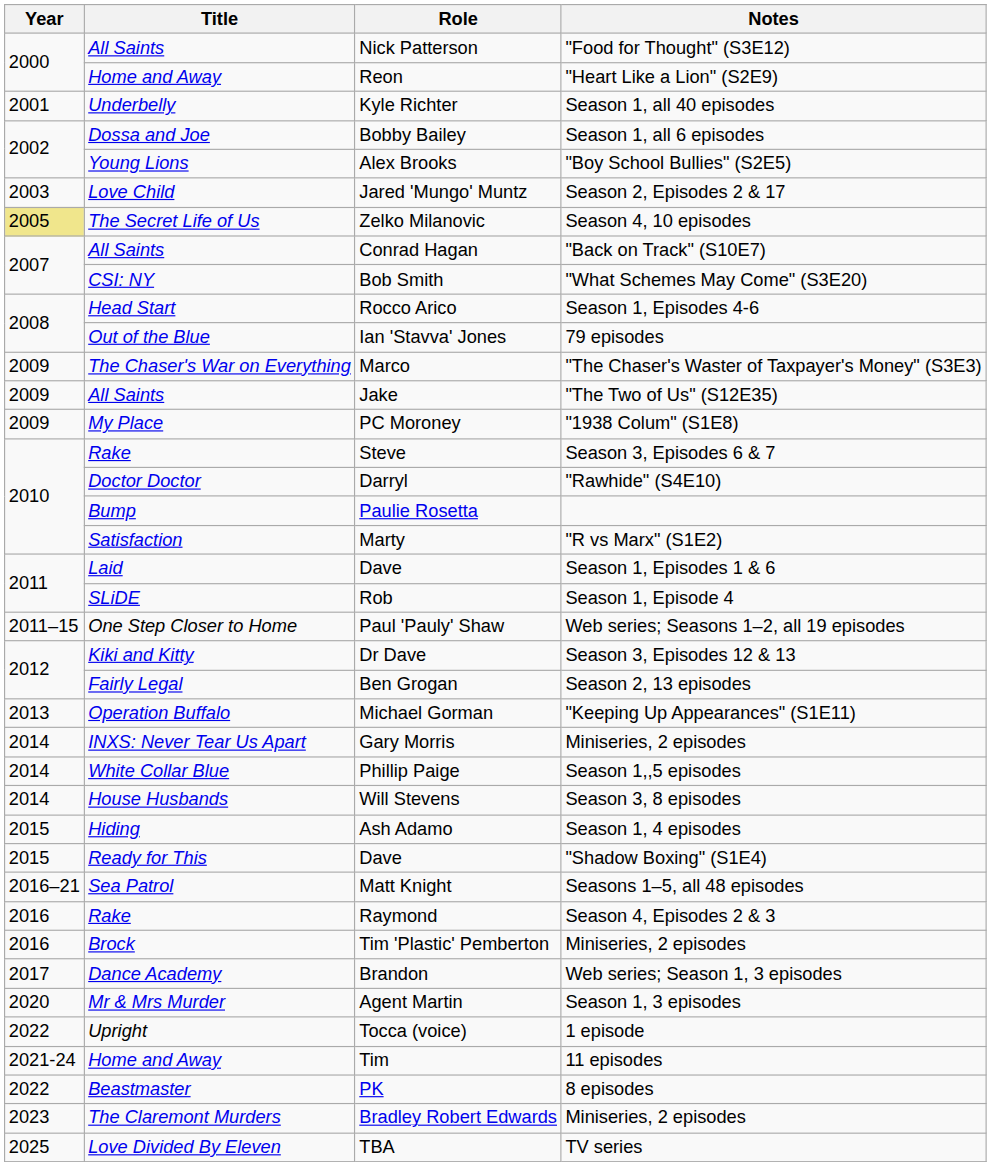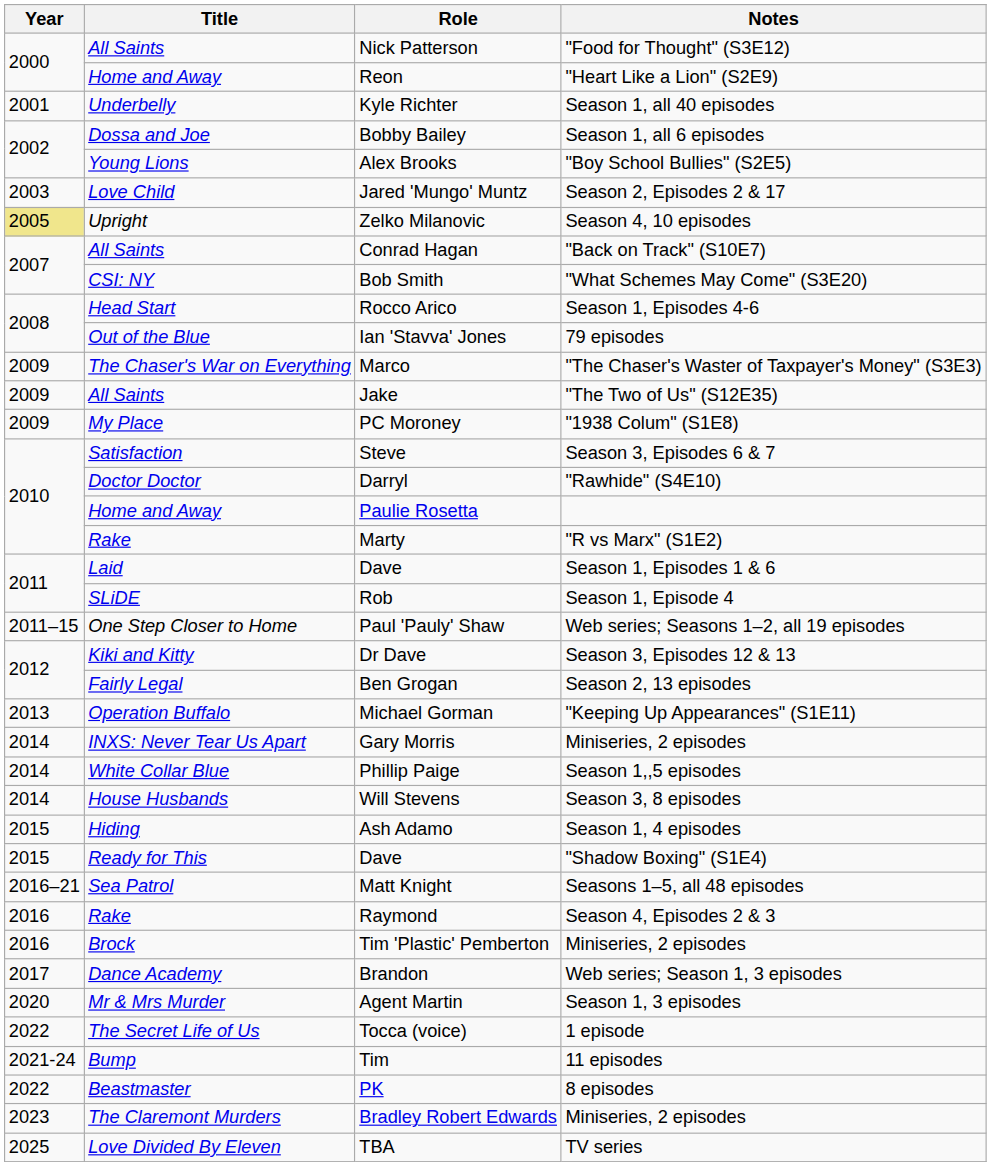 <table class="wikitable plainrowheaders sortable">
 <tr>
 <th scope="col">Year</th>
 <th scope="col">Title</th>
 <th scope="col">Role</th>
 <th class="unsortable">Notes</th>
 </tr>
 <tr>
 <td rowspan="2">2000</td>
 <td><em><a href='#'>All Saints</a></em></td>
 <td>Nick Patterson</td>
 <td>"Food for Thought" (S3E12)</td>
 </tr>
 <tr>
 <td><em><a href='#'>Home and Away</a></em></td>
 <td>Reon</td>
 <td>"Heart Like a Lion" (S2E9)</td>
 </tr>
 <tr>
 <td>2001</td>
 <td><em><a href='#'>Underbelly</a></em></td>
 <td>Kyle Richter</td>
 <td>Season 1, all 40 episodes</td>
 </tr>
 <tr>
 <td rowspan="2">2002</td>
 <td><em><a href='#'>Dossa and Joe</a></em></td>
 <td>Bobby Bailey</td>
 <td>Season 1, all 6 episodes</td>
 </tr>
 <tr>
 <td><em><a href='#'>Young Lions</a></em></td>
 <td>Alex Brooks</td>
 <td>"Boy School Bullies" (S2E5)</td>
 </tr>
 <tr>
 <td>2003</td>
 <td><em><a href='#'>Love Child</a></em></td>
 <td>Jared 'Mungo' Muntz</td>
 <td>Season 2, Episodes 2 & 17</td>
 </tr>
 <tr>
 <td style="background: khaki;">2005</td>
-<td><em><a href='#'>The Secret Life of Us</a></em></td>
+<td><em>Upright</em></td>
 <td>Zelko Milanovic</td>
 <td>Season 4, 10 episodes</td>
 </tr>
 <tr>
 <td rowspan="2">2007</td>
 <td><em><a href='#'>All Saints</a></em></td>
 <td>Conrad Hagan</td>
 <td>"Back on Track" (S10E7)</td>
 </tr>
 <tr>
 <td><em><a href='#'>CSI: NY</a></em></td>
 <td>Bob Smith</td>
 <td>"What Schemes May Come" (S3E20)</td>
 </tr>
 <tr>
 <td rowspan="2">2008</td>
 <td><em><a href='#'>Head Start</a></em></td>
 <td>Rocco Arico</td>
 <td>Season 1, Episodes 4-6</td>
 </tr>
 <tr>
 <td><em><a href='#'>Out of the Blue</a></em></td>
 <td>Ian 'Stavva' Jones</td>
 <td>79 episodes</td>
 </tr>
 <tr>
 <td>2009</td>
 <td><em><a href='#'>The Chaser's War on Everything</a></em></td>
 <td>Marco</td>
 <td>"The Chaser's Waster of Taxpayer's Money" (S3E3)</td>
 </tr>
 <tr>
 <td>2009</td>
 <td><em><a href='#'>All Saints</a></em></td>
 <td>Jake</td>
 <td>"The Two of Us" (S12E35)</td>
 </tr>
 <tr>
 <td>2009</td>
 <td><em><a href='#'>My Place</a></em></td>
 <td>PC Moroney</td>
 <td>"1938 Colum" (S1E8)</td>
 </tr>
 <tr>
 <td rowspan="4">2010</td>
-<td><em><a href='#'>Rake</a></em></td>
+<td><em><a href='#'>Satisfaction</a></em></td>
 <td>Steve</td>
 <td>Season 3, Episodes 6 & 7</td>
 </tr>
 <tr>
 <td><em><a href='#'>Doctor Doctor</a></em></td>
 <td>Darryl</td>
 <td>"Rawhide" (S4E10)</td>
 </tr>
 <tr>
-<td><em><a href='#'>Bump</a></em></td>
+<td><em><a href='#'>Home and Away</a></em></td>
 <td><a href='#'>Paulie Rosetta</a></td>
 <td></td>
 </tr>
 <tr>
-<td><em><a href='#'>Satisfaction</a></em></td>
+<td><em><a href='#'>Rake</a></em></td>
 <td>Marty</td>
 <td>"R vs Marx" (S1E2)</td>
 </tr>
 <tr>
 <td rowspan="2">2011</td>
 <td><em><a href='#'>Laid</a></em></td>
 <td>Dave</td>
 <td>Season 1, Episodes 1 & 6</td>
 </tr>
 <tr>
 <td><em><a href='#'>SLiDE</a></em></td>
 <td>Rob</td>
 <td>Season 1, Episode 4</td>
 </tr>
 <tr>
 <td>2011–15</td>
 <td><em>One Step Closer to Home</em></td>
 <td>Paul 'Pauly' Shaw</td>
 <td>Web series; Seasons 1–2, all 19 episodes</td>
 </tr>
 <tr>
 <td rowspan="2">2012</td>
 <td><em><a href='#'>Kiki and Kitty</a></em></td>
 <td>Dr Dave</td>
 <td>Season 3, Episodes 12 & 13</td>
 </tr>
 <tr>
 <td><em><a href='#'>Fairly Legal</a></em></td>
 <td>Ben Grogan</td>
 <td>Season 2, 13 episodes</td>
 </tr>
 <tr>
 <td>2013</td>
 <td><em><a href='#'>Operation Buffalo</a></em></td>
 <td>Michael Gorman</td>
 <td>"Keeping Up Appearances" (S1E11)</td>
 </tr>
 <tr>
 <td>2014</td>
 <td><em><a href='#'>INXS: Never Tear Us Apart</a></em></td>
 <td>Gary Morris</td>
 <td>Miniseries, 2 episodes</td>
 </tr>
 <tr>
 <td>2014</td>
 <td><em><a href='#'>White Collar Blue</a></em></td>
 <td>Phillip Paige</td>
 <td>Season 1,,5 episodes</td>
 </tr>
 <tr>
 <td>2014</td>
 <td><em><a href='#'>House Husbands</a></em></td>
 <td>Will Stevens</td>
 <td>Season 3, 8 episodes</td>
 </tr>
 <tr>
 <td>2015</td>
 <td><em><a href='#'>Hiding</a></em></td>
 <td>Ash Adamo</td>
 <td>Season 1, 4 episodes</td>
 </tr>
 <tr>
 <td>2015</td>
 <td><em><a href='#'>Ready for This</a></em></td>
 <td>Dave</td>
 <td>"Shadow Boxing" (S1E4)</td>
 </tr>
 <tr>
 <td>2016–21</td>
 <td><em><a href='#'>Sea Patrol</a></em></td>
 <td>Matt Knight</td>
 <td>Seasons 1–5, all 48 episodes</td>
 </tr>
 <tr>
 <td>2016</td>
 <td><em><a href='#'>Rake</a></em></td>
 <td>Raymond</td>
 <td>Season 4, Episodes 2 & 3</td>
 </tr>
 <tr>
 <td>2016</td>
 <td><em><a href='#'>Brock</a></em></td>
 <td>Tim 'Plastic' Pemberton</td>
 <td>Miniseries, 2 episodes</td>
 </tr>
 <tr>
 <td>2017</td>
 <td><em><a href='#'>Dance Academy</a></em></td>
 <td>Brandon</td>
 <td>Web series; Season 1, 3 episodes</td>
 </tr>
 <tr>
 <td>2020</td>
 <td><em><a href='#'>Mr & Mrs Murder</a></em></td>
 <td>Agent Martin</td>
 <td>Season 1, 3 episodes</td>
 </tr>
 <tr>
 <td>2022</td>
-<td><em>Upright</em></td>
+<td><em><a href='#'>The Secret Life of Us</a></em></td>
 <td>Tocca (voice)</td>
 <td>1 episode</td>
 </tr>
 <tr>
 <td>2021-24</td>
-<td><em><a href='#'>Home and Away</a></em></td>
+<td><em><a href='#'>Bump</a></em></td>
 <td>Tim</td>
 <td>11 episodes</td>
 </tr>
 <tr>
 <td>2022</td>
 <td><em><a href='#'>Beastmaster</a></em></td>
 <td><a href='#'>PK</a></td>
 <td>8 episodes</td>
 </tr>
 <tr>
 <td>2023</td>
 <td><em><a href='#'>The Claremont Murders</a></em></td>
 <td><a href='#'>Bradley Robert Edwards</a></td>
 <td>Miniseries, 2 episodes</td>
 </tr>
 <tr>
 <td>2025</td>
 <td><a href='#'><em>Love Divided By Eleven</em></a></td>
 <td>TBA</td>
 <td>TV series</td>
 </tr>
 </table>
